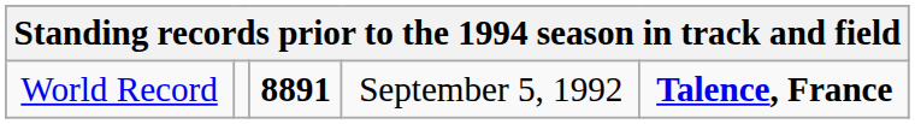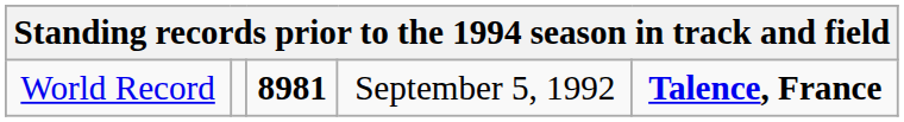 <table class="wikitable" style=" text-align:center;">
 <tr>
 <th colspan="5">Standing records prior to the 1994 season in track and field</th>
 </tr>
 <tr>
 <td><a href='#'>World Record</a></td>
 <td></td>
-<td><strong>8891</strong></td>
+<td><strong>8981</strong></td>
 <td>September 5, 1992</td>
 <td><strong> <a href='#'>Talence</a>, France</strong></td>
 </tr>
 </table>
